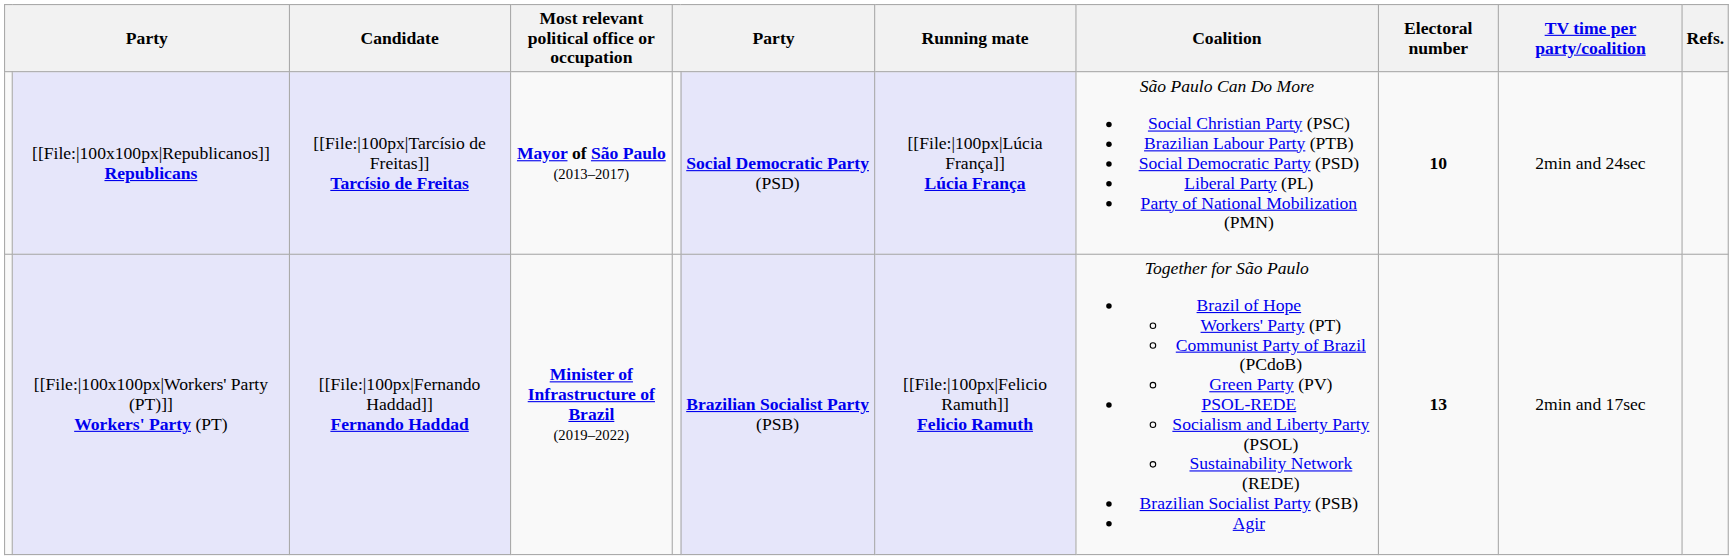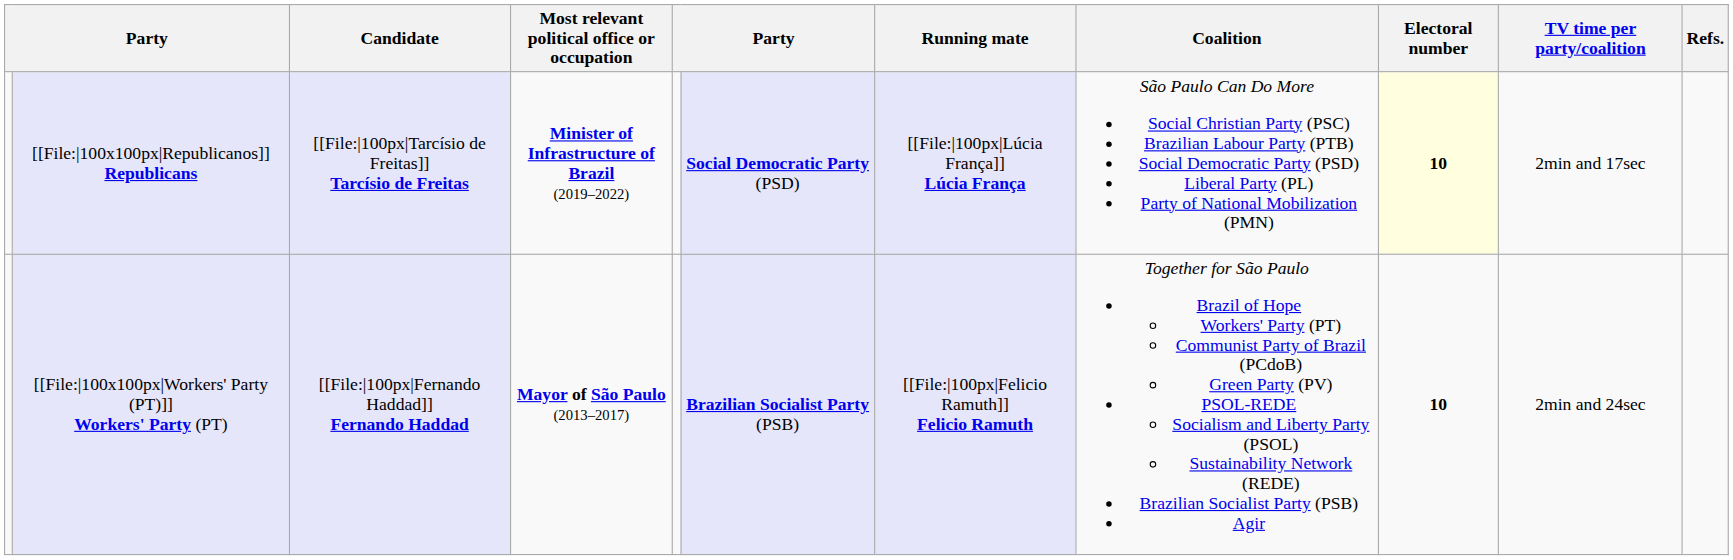 <table class="wikitable" style="text-align:center">
 <tr>
 <th colspan="2">Party</th>
 <th>Candidate</th>
 <th style="max-width:10em">Most relevant political office or occupation</th>
 <th colspan="2">Party</th>
 <th>Running mate</th>
 <th>Coalition</th>
 <th>Electoral number</th>
 <th><a href='#'>TV time per party/coalition</a></th>
 <th>Refs.</th>
 </tr>
 <tr>
 <td style="background:"></td>
 <td style="background:lavender;" max-width:150px>[[File:|100x100px|Republicanos]]<br><strong><a href='#'>Republicans</a></strong></td>
 <td style="background:lavender;" max-width:150px>[[File:|100px|Tarcísio de Freitas]]<br><strong><a href='#'>Tarcísio de Freitas</a></strong></td>
-<td style="max-width:10em"><strong><a href='#'>Mayor</a> of <a href='#'>São Paulo</a></strong><br><small>(2013–2017)</small></td>
+<td style="max-width:10em"><strong><a href='#'>Minister of Infrastructure of Brazil</a></strong><br><small>(2019–2022)</small></td>
 <td style="background:"></td>
 <td style="background:lavender;" max-width:150px><br><strong><a href='#'>Social Democratic Party</a></strong> (PSD)</td>
 <td style="background:lavender;" max-width:150px>[[File:|100px|Lúcia França]]<br><strong><a href='#'>Lúcia França</a></strong></td>
 <td><em>São Paulo Can Do More</em><br><ul><li><a href='#'>Social Christian Party</a> (PSC)</li><li><a href='#'>Brazilian Labour Party</a> (PTB)</li><li><a href='#'>Social Democratic Party</a> (PSD)</li><li><a href='#'>Liberal Party</a> (PL)</li><li><a href='#'>Party of National Mobilization</a> (PMN)</li></ul></td>
-<td><strong>10</strong></td>
-<td>2min and 24sec</td>
+<td style="background: lightyellow;"><strong>10</strong></td>
+<td>2min and 17sec</td>
 <td></td>
 </tr>
 <tr>
 <td style="background:"></td>
 <td style="background:lavender;" max-width:150px>[[File:|100x100px|Workers' Party (PT)]]<br><strong><a href='#'>Workers' Party</a></strong> (PT)</td>
 <td style="background:lavender;" max-width:150px>[[File:|100px|Fernando Haddad]]<br><strong><a href='#'>Fernando Haddad</a></strong></td>
-<td style="max-width:10em"><strong><a href='#'>Minister of Infrastructure of Brazil</a></strong><br><small>(2019–2022)</small></td>
+<td style="max-width:10em"><strong><a href='#'>Mayor</a> of <a href='#'>São Paulo</a></strong><br><small>(2013–2017)</small></td>
 <td style="background:"></td>
 <td style="background:lavender;" max-width:150px><br><strong><a href='#'>Brazilian Socialist Party</a></strong> (PSB)</td>
 <td style="background:lavender;" max-width:150px>[[File:|100px|Felicio Ramuth]] <br><strong><a href='#'>Felicio Ramuth</a></strong></td>
 <td><em>Together for São Paulo</em><br><ul><li><a href='#'>Brazil of Hope</a><ul><li><a href='#'>Workers' Party</a> (PT)</li><li><a href='#'>Communist Party of Brazil</a> (PCdoB)</li><li><a href='#'>Green Party</a> (PV)</li></ul></li><li><a href='#'>PSOL-REDE</a><ul><li><a href='#'>Socialism and Liberty Party</a> (PSOL)</li><li><a href='#'>Sustainability Network</a> (REDE)</li></ul></li><li><a href='#'>Brazilian Socialist Party</a> (PSB)</li><li><a href='#'>Agir</a></li></ul></td>
-<td><strong>13</strong></td>
-<td>2min and 17sec</td>
+<td><strong>10</strong></td>
+<td>2min and 24sec</td>
 <td></td>
 </tr>
 </table>
